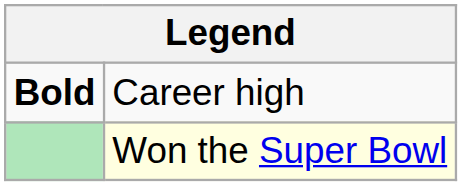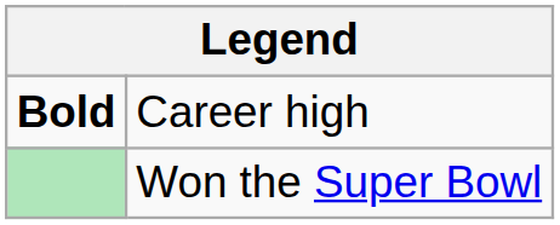 <table class=wikitable>
 <tr>
 <th colspan="2">Legend</th>
 </tr>
 <tr>
 <td><strong>Bold</strong></td>
 <td>Career high</td>
 </tr>
 <tr>
 <td style="background:#afe6ba;"></td>
-<td style="background: lightyellow;">Won the <a href='#'>Super Bowl</a></td>
+<td>Won the <a href='#'>Super Bowl</a></td>
 </tr>
 </table>
